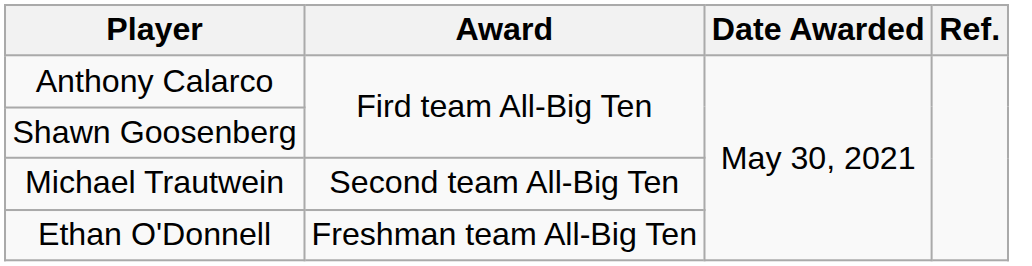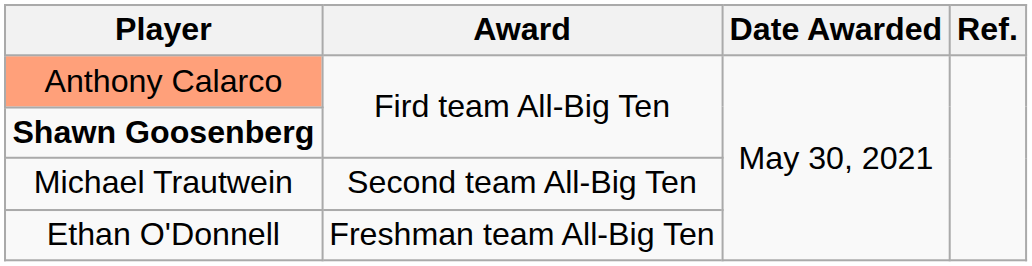 <table class="wikitable sortable sortable" style="text-align: center">
 <tr align=center>
 <th>Player</th>
 <th>Award</th>
 <th>Date Awarded</th>
 <th>Ref.</th>
 </tr>
 <tr>
-<td>Anthony Calarco</td>
+<td style="background: lightsalmon;">Anthony Calarco</td>
 <td rowspan="2">Fird team All-Big Ten</td>
 <td rowspan="7">May 30, 2021</td>
 <td rowspan="7"></td>
 </tr>
 <tr>
-<td>Shawn Goosenberg</td>
+<td><strong>Shawn Goosenberg</strong></td>
 </tr>
 <tr>
 <td>Michael Trautwein</td>
 <td rowspan="1">Second team All-Big Ten</td>
 </tr>
 <tr>
 <td>Ethan O'Donnell</td>
 <td rowspan="1">Freshman team All-Big Ten</td>
 </tr>
 </table>
